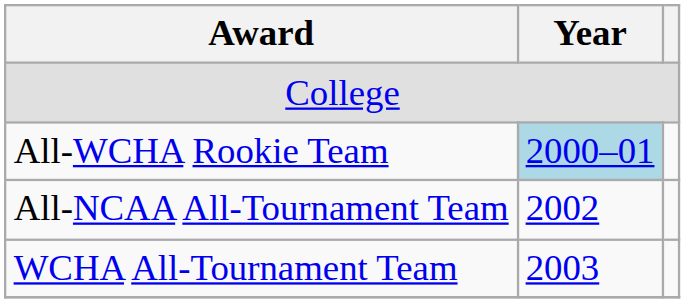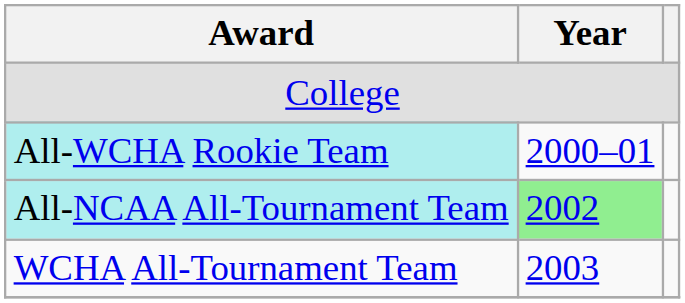 <table class="wikitable">
 <tr>
 <th>Award</th>
 <th>Year</th>
 <th></th>
 </tr>
 <tr ALIGN="center" bgcolor="#e0e0e0">
 <td colspan="3"><a href='#'>College</a></td>
 </tr>
 <tr>
-<td>All-<a href='#'>WCHA</a> <a href='#'>Rookie Team</a></td>
-<td style="background: lightblue;"><a href='#'>2000–01</a></td>
+<td style="background: paleturquoise;">All-<a href='#'>WCHA</a> <a href='#'>Rookie Team</a></td>
+<td><a href='#'>2000–01</a></td>
 <td></td>
 </tr>
 <tr>
-<td>All-<a href='#'>NCAA</a> <a href='#'>All-Tournament Team</a></td>
-<td><a href='#'>2002</a></td>
+<td style="background: paleturquoise;">All-<a href='#'>NCAA</a> <a href='#'>All-Tournament Team</a></td>
+<td style="background: lightgreen;"><a href='#'>2002</a></td>
 <td></td>
 </tr>
 <tr>
 <td><a href='#'>WCHA</a> <a href='#'>All-Tournament Team</a></td>
 <td><a href='#'>2003</a></td>
 <td></td>
 </tr>
 <tr>
 </tr>
 </table>
